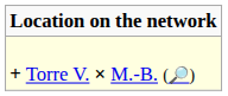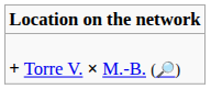 <table role="presentation" class="wikitable mw-collapsible mw-collapsed floatright">
 <tr>
 <td><strong>Location on the network</strong></td>
 </tr>
 <tr>
-<td style="background: lightyellow;"><br><span><strong>+</strong> <a href='#'>Torre V.</a></span> <span><strong>×</strong> <a href='#'>M.-B.</a></span> <small>(<a href='#'>🔎</a>)</small></td>
+<td><br><span><strong>+</strong> <a href='#'>Torre V.</a></span> <span><strong>×</strong> <a href='#'>M.-B.</a></span> <small>(<a href='#'>🔎</a>)</small></td>
 </tr>
 </table>
